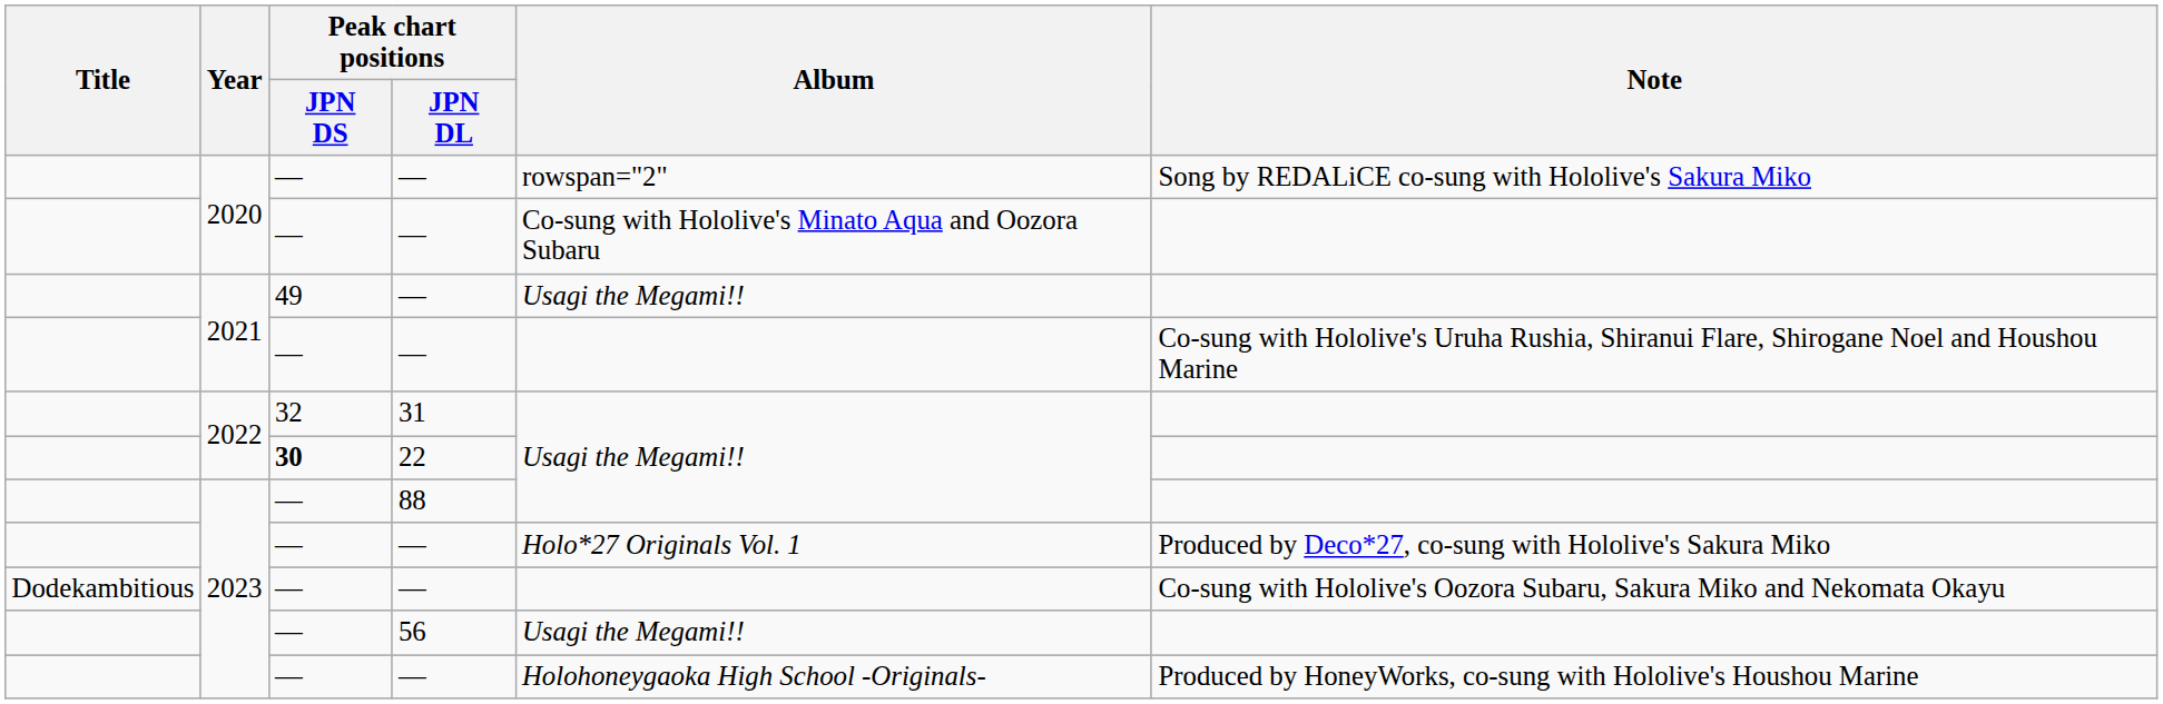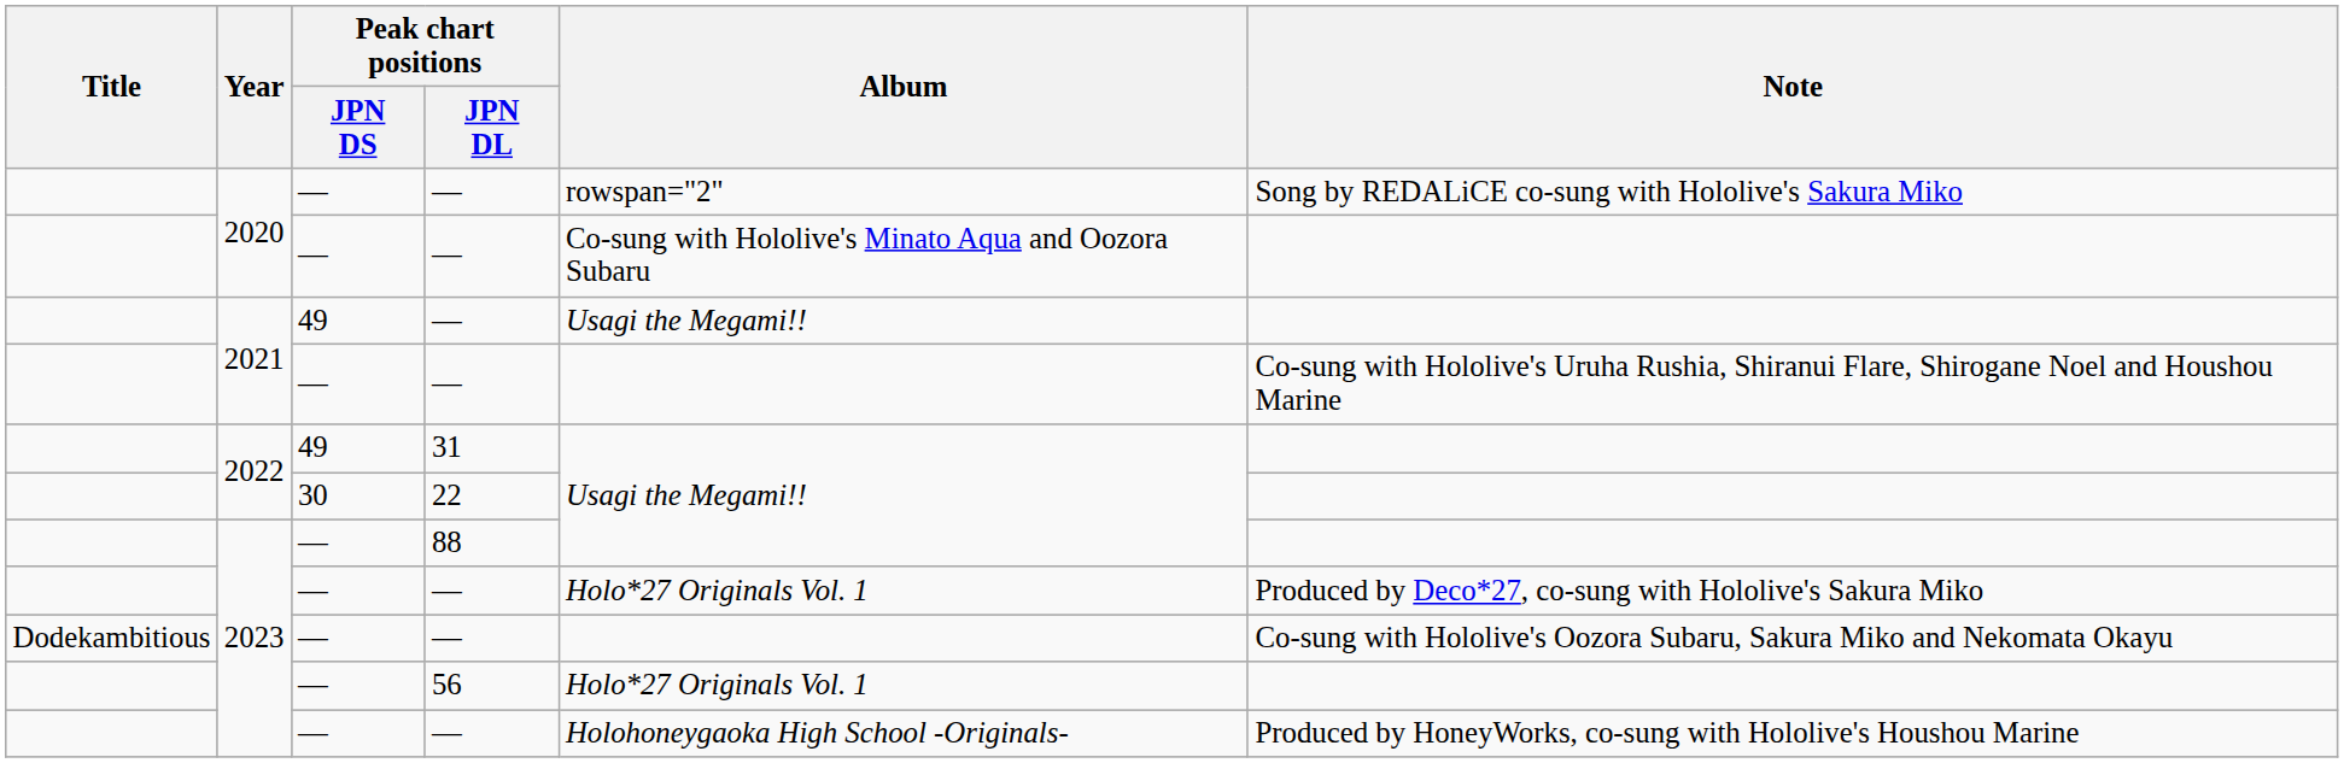 <table class="wikitable">
 <tr>
 <th rowspan="2">Title</th>
 <th rowspan="2">Year</th>
 <th colspan="2">Peak chart positions</th>
 <th rowspan="2">Album</th>
 <th rowspan="2">Note</th>
 </tr>
 <tr>
 <th><a href='#'>JPN<br>DS</a></th>
 <th><a href='#'>JPN<br>DL</a></th>
 </tr>
 <tr>
 <td></td>
 <td rowspan="2">2020</td>
 <td>—</td>
 <td>—</td>
 <td>rowspan="2" </td>
 <td>Song by REDALiCE co-sung with Hololive's <a href='#'>Sakura Miko</a></td>
 </tr>
 <tr>
 <td></td>
 <td>—</td>
 <td>—</td>
 <td>Co-sung with Hololive's <a href='#'>Minato Aqua</a> and Oozora Subaru</td>
 </tr>
 <tr>
 <td></td>
 <td rowspan="2">2021</td>
 <td>49</td>
 <td>—</td>
 <td><em>Usagi the Megami!!</em></td>
 <td></td>
 </tr>
 <tr>
 <td></td>
 <td>—</td>
 <td>—</td>
 <td></td>
 <td>Co-sung with Hololive's Uruha Rushia, Shiranui Flare, Shirogane Noel and Houshou Marine</td>
 </tr>
 <tr>
 <td></td>
 <td rowspan="2">2022</td>
-<td>32</td>
+<td>49</td>
 <td>31</td>
 <td rowspan="3"><em>Usagi the Megami!!</em></td>
 <td></td>
 </tr>
 <tr>
 <td></td>
-<td><strong>30</strong></td>
+<td>30</td>
 <td>22</td>
 <td></td>
 </tr>
 <tr>
 <td></td>
 <td rowspan="5">2023</td>
 <td>—</td>
 <td>88</td>
 <td></td>
 </tr>
 <tr>
 <td></td>
 <td>—</td>
 <td>—</td>
 <td><em>Holo*27 Originals Vol. 1</em></td>
 <td>Produced by <a href='#'>Deco*27</a>, co-sung with Hololive's Sakura Miko</td>
 </tr>
 <tr>
 <td>Dodekambitious</td>
 <td>—</td>
 <td>—</td>
 <td></td>
 <td>Co-sung with Hololive's Oozora Subaru, Sakura Miko and Nekomata Okayu</td>
 </tr>
 <tr>
 <td></td>
 <td>—</td>
 <td>56</td>
-<td><em>Usagi the Megami!!</em></td>
+<td><em>Holo*27 Originals Vol. 1</em></td>
 <td></td>
 </tr>
 <tr>
 <td></td>
 <td>—</td>
 <td>—</td>
 <td><em>Holohoneygaoka High School -Originals-</em></td>
 <td>Produced by HoneyWorks, co-sung with Hololive's Houshou Marine</td>
 </tr>
 </table>
